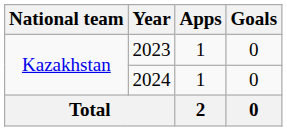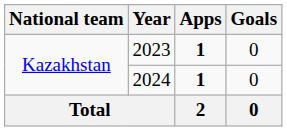 <table class="wikitable" style="text-align:center">
 <tr>
 <th>National team</th>
 <th>Year</th>
 <th>Apps</th>
 <th>Goals</th>
 </tr>
 <tr>
 <td rowspan="2"><a href='#'>Kazakhstan</a></td>
 <td>2023</td>
-<td>1</td>
+<td><strong>1</strong></td>
 <td>0</td>
 </tr>
 <tr>
 <td>2024</td>
-<td>1</td>
+<td><strong>1</strong></td>
 <td>0</td>
 </tr>
 <tr>
 <th colspan=2>Total</th>
 <th>2</th>
 <th>0</th>
 </tr>
 </table>
